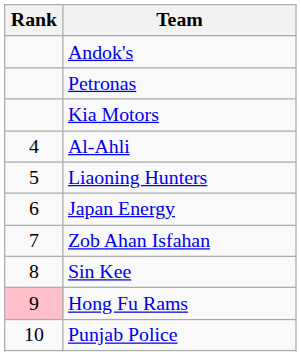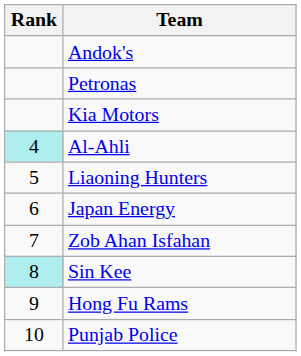 <table class="wikitable" style="text-align: center;">
 <tr>
 <th width=40>Rank</th>
 <th width=180>Team</th>
 </tr>
 <tr>
 <td></td>
 <td align=left> <a href='#'>Andok's</a></td>
 </tr>
 <tr>
 <td></td>
 <td align=left> <a href='#'>Petronas</a></td>
 </tr>
 <tr>
 <td></td>
 <td align=left> <a href='#'>Kia Motors</a></td>
 </tr>
 <tr>
-<td>4</td>
+<td style="background: paleturquoise;">4</td>
 <td align=left> <a href='#'>Al-Ahli</a></td>
 </tr>
 <tr>
 <td>5</td>
 <td align=left> <a href='#'>Liaoning Hunters</a></td>
 </tr>
 <tr>
 <td>6</td>
 <td align=left> <a href='#'>Japan Energy</a></td>
 </tr>
 <tr>
 <td>7</td>
 <td align=left> <a href='#'>Zob Ahan Isfahan</a></td>
 </tr>
 <tr>
-<td>8</td>
+<td style="background: paleturquoise;">8</td>
 <td align=left> <a href='#'>Sin Kee</a></td>
 </tr>
 <tr>
-<td style="background: pink;">9</td>
+<td>9</td>
 <td align=left> <a href='#'>Hong Fu Rams</a></td>
 </tr>
 <tr>
 <td>10</td>
 <td align=left> <a href='#'>Punjab Police</a></td>
 </tr>
 </table>
